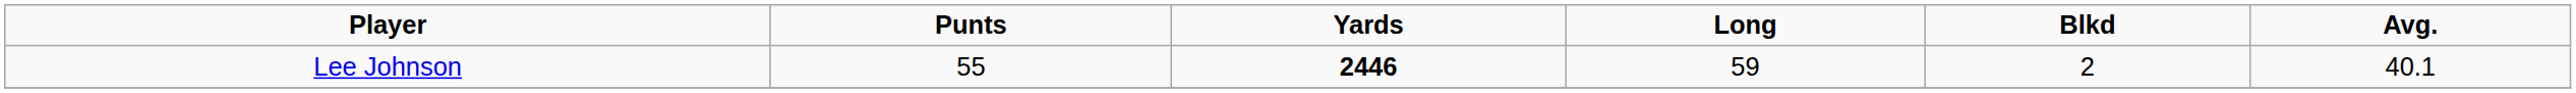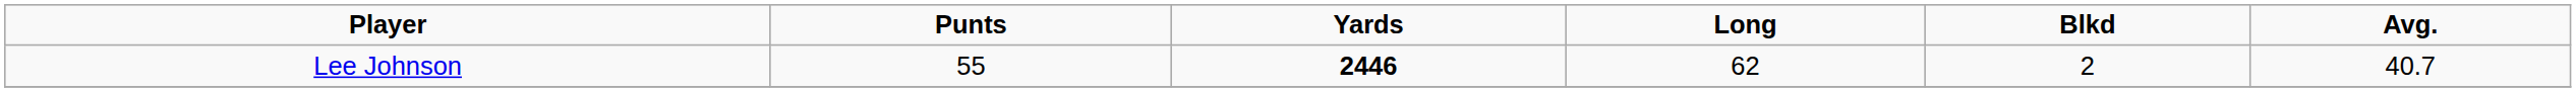 <table class="wikitable" width="80%">
 <tr align="center">
 <td><strong>Player</strong></td>
 <td><strong>Punts</strong></td>
 <td><strong>Yards</strong></td>
 <td><strong>Long</strong></td>
 <td><strong>Blkd</strong></td>
 <td><strong>Avg.</strong></td>
 </tr>
 <tr align="center" bgcolor="">
 <td><a href='#'>Lee Johnson</a></td>
 <td>55</td>
 <td><strong>2446</strong></td>
-<td>59</td>
+<td>62</td>
 <td>2</td>
-<td>40.1</td>
+<td>40.7</td>
 </tr>
 <tr align="center" bgcolor="">
 </tr>
 </table>
